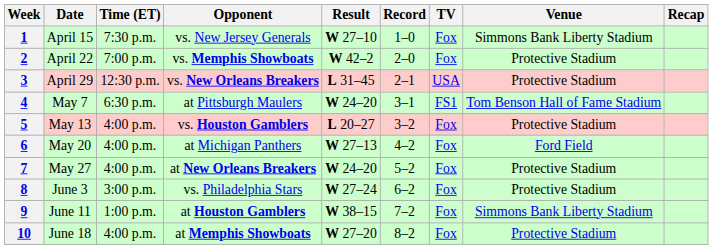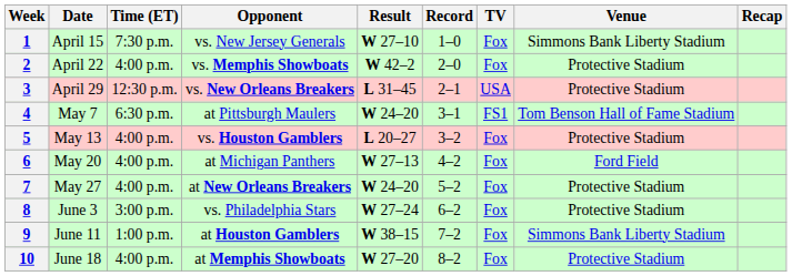 <table class="wikitable" style="text-align:center">
 <tr>
 <th>Week</th>
 <th>Date</th>
 <th>Time (ET)</th>
 <th>Opponent</th>
 <th>Result</th>
 <th>Record</th>
 <th>TV</th>
 <th>Venue</th>
 <th>Recap</th>
 </tr>
 <tr style="background:#ccffcc">
 <th><a href='#'>1</a></th>
 <td>April 15</td>
 <td>7:30 p.m.</td>
 <td>vs. <a href='#'>New Jersey Generals</a></td>
 <td><strong>W</strong> 27–10</td>
 <td>1–0</td>
 <td><a href='#'>Fox</a></td>
 <td>Simmons Bank Liberty Stadium</td>
 <td></td>
 </tr>
 <tr style="background:#ccffcc">
 <th><a href='#'>2</a></th>
 <td>April 22</td>
-<td>7:00 p.m.</td>
+<td>4:00 p.m.</td>
 <td>vs. <strong><a href='#'>Memphis Showboats</a></strong></td>
 <td><strong>W</strong> 42–2</td>
 <td>2–0</td>
 <td><a href='#'>Fox</a></td>
 <td>Protective Stadium</td>
 <td></td>
 </tr>
 <tr style="background:#ffcccc">
 <th><a href='#'>3</a></th>
 <td>April 29</td>
 <td>12:30 p.m.</td>
 <td>vs. <strong><a href='#'>New Orleans Breakers</a></strong></td>
 <td><strong>L</strong> 31–45</td>
 <td>2–1</td>
 <td><a href='#'>USA</a></td>
 <td>Protective Stadium</td>
 <td></td>
 </tr>
 <tr style="background:#ccffcc">
 <th><a href='#'>4</a></th>
 <td>May 7</td>
 <td>6:30 p.m.</td>
 <td>at <a href='#'>Pittsburgh Maulers</a></td>
 <td><strong>W</strong> 24–20</td>
 <td>3–1</td>
 <td><a href='#'>FS1</a></td>
 <td><a href='#'>Tom Benson Hall of Fame Stadium</a></td>
 <td></td>
 </tr>
 <tr style="background:#ffcccc">
 <th><a href='#'>5</a></th>
 <td>May 13</td>
 <td>4:00 p.m.</td>
 <td>vs. <strong><a href='#'>Houston Gamblers</a></strong></td>
 <td><strong>L</strong> 20–27</td>
 <td>3–2</td>
 <td><a href='#'>Fox</a></td>
 <td>Protective Stadium</td>
 <td></td>
 </tr>
 <tr style="background:#ccffcc">
 <th><a href='#'>6</a></th>
 <td>May 20</td>
 <td>4:00 p.m.</td>
 <td>at <a href='#'>Michigan Panthers</a></td>
 <td><strong>W</strong> 27–13</td>
 <td>4–2</td>
 <td><a href='#'>Fox</a></td>
 <td><a href='#'>Ford Field</a></td>
 <td></td>
 </tr>
 <tr style="background:#ccffcc">
 <th><a href='#'>7</a></th>
 <td>May 27</td>
 <td>4:00 p.m.</td>
 <td>at <strong><a href='#'>New Orleans Breakers</a></strong></td>
 <td><strong>W</strong> 24–20</td>
 <td>5–2</td>
 <td><a href='#'>Fox</a></td>
 <td>Protective Stadium</td>
 <td></td>
 </tr>
 <tr style="background:#ccffcc">
 <th><a href='#'>8</a></th>
 <td>June 3</td>
 <td>3:00 p.m.</td>
 <td>vs. <a href='#'>Philadelphia Stars</a></td>
 <td><strong>W</strong> 27–24</td>
 <td>6–2</td>
 <td><a href='#'>Fox</a></td>
 <td>Protective Stadium</td>
 <td></td>
 </tr>
 <tr style="background:#ccffcc">
 <th><a href='#'>9</a></th>
 <td>June 11</td>
 <td>1:00 p.m.</td>
 <td>at <strong><a href='#'>Houston Gamblers</a></strong></td>
 <td><strong>W</strong> 38–15</td>
 <td>7–2</td>
 <td><a href='#'>Fox</a></td>
 <td><a href='#'>Simmons Bank Liberty Stadium</a></td>
 <td></td>
 </tr>
 <tr style="background:#ccffcc">
 <th><a href='#'>10</a></th>
 <td>June 18</td>
 <td>4:00 p.m.</td>
 <td>at <strong><a href='#'>Memphis Showboats</a></strong></td>
 <td><strong>W</strong> 27–20</td>
 <td>8–2</td>
 <td><a href='#'>Fox</a></td>
 <td><a href='#'>Protective Stadium</a></td>
 <td></td>
 </tr>
 </table>
